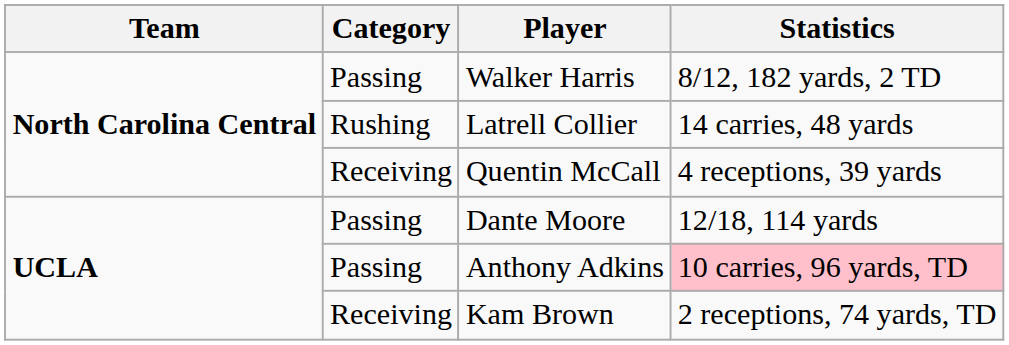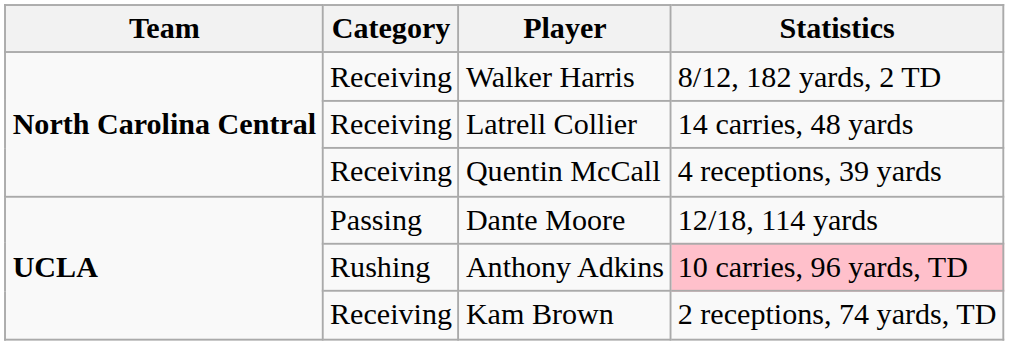 <table class="wikitable" style="float: right;">
 <tr>
 <th>Team</th>
 <th>Category</th>
 <th>Player</th>
 <th>Statistics</th>
 </tr>
 <tr>
 <td rowspan=3><strong>North Carolina Central</strong></td>
-<td>Passing</td>
+<td>Receiving</td>
 <td>Walker Harris</td>
 <td>8/12, 182 yards, 2 TD</td>
 </tr>
 <tr>
-<td>Rushing</td>
+<td>Receiving</td>
 <td>Latrell Collier</td>
 <td>14 carries, 48 yards</td>
 </tr>
 <tr>
 <td>Receiving</td>
 <td>Quentin McCall</td>
 <td>4 receptions, 39 yards</td>
 </tr>
 <tr>
 <td rowspan=3><strong>UCLA</strong></td>
 <td>Passing</td>
 <td>Dante Moore</td>
 <td>12/18, 114 yards</td>
 </tr>
 <tr>
-<td>Passing</td>
+<td>Rushing</td>
 <td>Anthony Adkins</td>
 <td style="background: pink;">10 carries, 96 yards, TD</td>
 </tr>
 <tr>
 <td>Receiving</td>
 <td>Kam Brown</td>
 <td>2 receptions, 74 yards, TD</td>
 </tr>
 </table>
